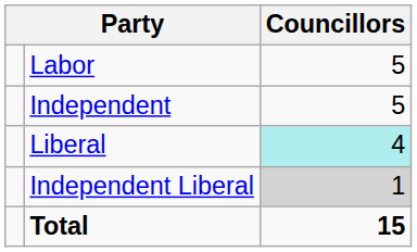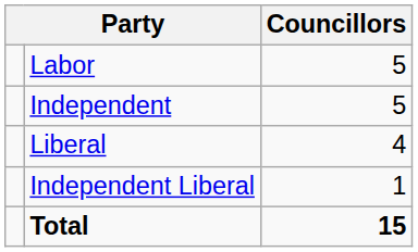 <table class="wikitable">
 <tr>
 <th colspan="2">Party</th>
 <th>Councillors</th>
 </tr>
 <tr>
 <td> </td>
 <td><a href='#'>Labor</a></td>
 <td align=right>5</td>
 </tr>
 <tr>
 <td> </td>
 <td><a href='#'>Independent</a></td>
 <td align=right>5</td>
 </tr>
 <tr>
 <td> </td>
 <td><a href='#'>Liberal</a></td>
-<td align=right style="background: paleturquoise;">4</td>
+<td align=right>4</td>
 </tr>
 <tr>
 <td> </td>
 <td><a href='#'>Independent Liberal</a></td>
-<td align=right style="background: lightgrey;">1</td>
+<td align=right>1</td>
 </tr>
 <tr>
 <td></td>
 <td><strong>Total</strong></td>
 <td align=right><strong>15</strong></td>
 </tr>
 </table>
